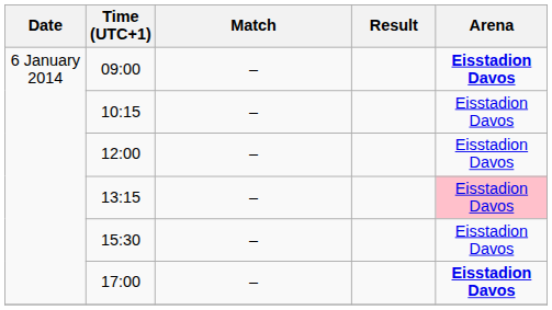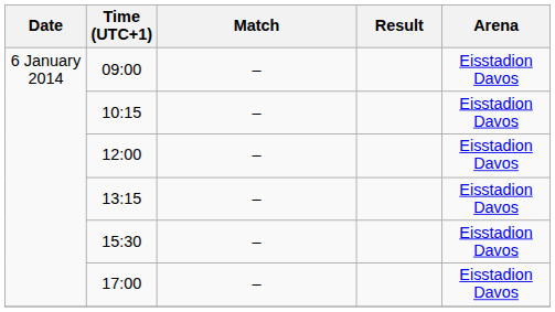 <table class="wikitable" style="text-align:center;" width="550px">
 <tr>
 <th width="100px">Date</th>
 <th width="65px">Time (UTC+1)</th>
 <th width="400px">Match</th>
 <th width="120px">Result</th>
 <th width="140px">Arena</th>
 </tr>
 <tr>
 <td rowspan="6" style="vertical-align:top;">6 January 2014</td>
 <td>09:00</td>
 <td> – </td>
 <td></td>
-<td><strong><a href='#'>Eisstadion Davos</a></strong></td>
+<td><a href='#'>Eisstadion Davos</a></td>
 </tr>
 <tr>
 <td>10:15</td>
 <td> – </td>
 <td></td>
 <td><a href='#'>Eisstadion Davos</a></td>
 </tr>
 <tr>
 <td>12:00</td>
 <td> – </td>
 <td></td>
 <td><a href='#'>Eisstadion Davos</a></td>
 </tr>
 <tr>
 <td>13:15</td>
 <td> – </td>
 <td></td>
-<td style="background: pink;"><a href='#'>Eisstadion Davos</a></td>
+<td><a href='#'>Eisstadion Davos</a></td>
 </tr>
 <tr>
 <td>15:30</td>
 <td> – </td>
 <td></td>
 <td><a href='#'>Eisstadion Davos</a></td>
 </tr>
 <tr>
 <td>17:00</td>
 <td> – </td>
 <td></td>
-<td><strong><a href='#'>Eisstadion Davos</a></strong></td>
+<td><a href='#'>Eisstadion Davos</a></td>
 </tr>
 <tr>
 </tr>
 </table>
